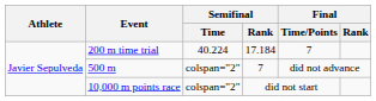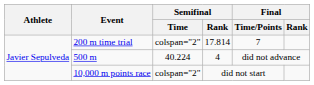 <table class="wikitable" border="1" style="font-size:90%">
 <tr>
 <th rowspan=2>Athlete</th>
 <th rowspan=2>Event</th>
 <th colspan=2>Semifinal</th>
 <th colspan=2>Final</th>
 </tr>
 <tr>
 <th>Time</th>
 <th>Rank</th>
 <th>Time/Points</th>
 <th>Rank</th>
 </tr>
 <tr align=center>
 <td rowspan="3" align=left><a href='#'>Javier Sepulveda</a></td>
 <td align=left><a href='#'>200 m time trial</a></td>
-<td>40.224</td>
-<td>17.184</td>
+<td>colspan="2" </td>
+<td>17.814</td>
 <td>7</td>
 </tr>
 <tr align=center>
 <td align=left><a href='#'>500 m</a></td>
-<td>colspan="2" </td>
-<td>7</td>
+<td>40.224</td>
+<td>4</td>
 <td colspan="2">did not advance</td>
 </tr>
 <tr align=center>
 <td align=left><a href='#'>10,000 m points race</a></td>
 <td>colspan="2" </td>
 <td colspan="2">did not start</td>
 </tr>
 </table>
